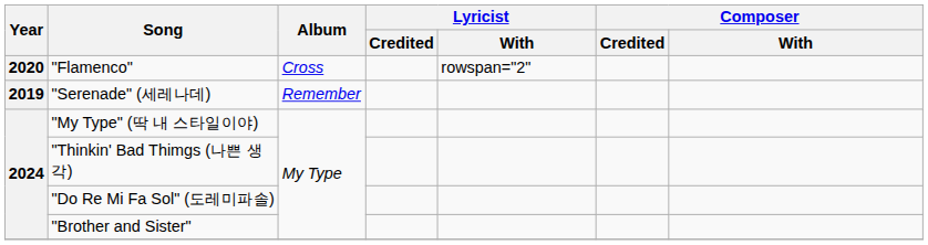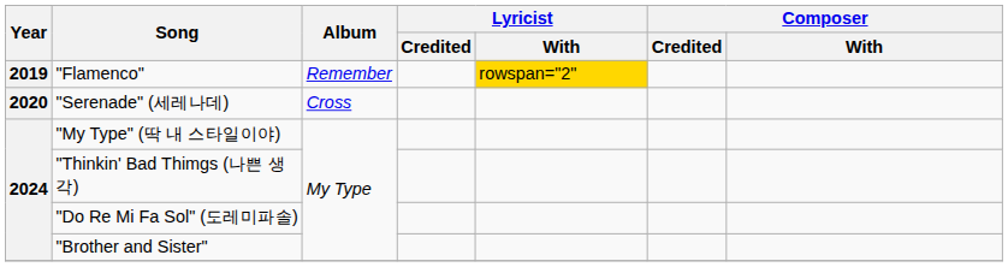 <table class="wikitable sortable plainrowheaders">
 <tr>
 <th rowspan="2" style="width:2em;">Year</th>
 <th rowspan="2" style="width:14em;">Song</th>
 <th rowspan="2" style="width:5em;">Album</th>
 <th colspan="2"><a href='#'>Lyricist</a></th>
 <th colspan="2"><a href='#'>Composer</a></th>
 </tr>
 <tr>
 <th>Credited</th>
 <th style="width:9.5em;">With</th>
 <th>Credited</th>
 <th style="width:15.5em;">With</th>
 </tr>
 <tr>
-<th scope="row">2020</th>
+<th scope="row">2019</th>
 <td>"Flamenco"</td>
-<td><em><a href='#'>Cross</a></em></td>
+<td><em><a href='#'>Remember</a></em></td>
 <td></td>
-<td>rowspan="2" </td>
+<td style="background: gold;">rowspan="2" </td>
 <td></td>
 <td style="text-align:center"></td>
 </tr>
 <tr>
-<th scope="row">2019</th>
+<th scope="row">2020</th>
 <td>"Serenade" (세레나데)</td>
-<td><em><a href='#'>Remember</a></em></td>
+<td><em><a href='#'>Cross</a></em></td>
 <td></td>
 <td></td>
 <td style="text-align:center"></td>
 </tr>
 <tr>
 <th scope="row" rowspan="4">2024</th>
 <td>"My Type" (딱 내 스타일이야)</td>
 <td rowspan="4"><em>My Type</em></td>
 <td></td>
 <td style="text-align:center"></td>
 <td></td>
 <td style="text-align:center"></td>
 </tr>
 <tr>
 <td>"Thinkin' Bad Thimgs (나쁜 생각)</td>
 <td></td>
 <td></td>
 <td></td>
 <td style="text-align:center"></td>
 </tr>
 <tr>
 <td>"Do Re Mi Fa Sol" (도레미파솔)</td>
 <td></td>
 <td style="text-align:center"></td>
 <td></td>
 <td style="text-align:center"></td>
 </tr>
 <tr>
 <td>"Brother and Sister"</td>
 <td></td>
 <td style="text-align:center"></td>
 <td></td>
 <td style="text-align:center"></td>
 </tr>
 <tr>
 </tr>
 </table>
